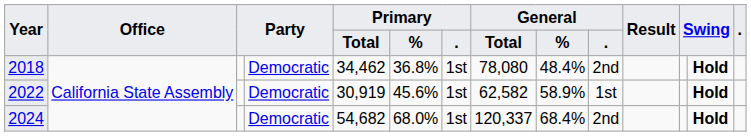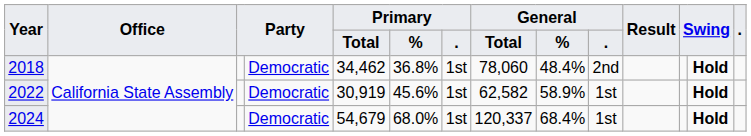 <table class="wikitable" style="font-size:90%; text-align:center;">
 <tr>
 <th style="background-color:#EAECF0;" rowspan=2>Year</th>
 <th style="background-color:#EAECF0;" rowspan=2>Office</th>
 <th style="background-color:#EAECF0;" colspan=2 rowspan=2>Party</th>
 <th style="background-color:#EAECF0;" colspan=3>Primary</th>
 <th style="background-color:#EAECF0;" colspan=3>General</th>
 <th style="background-color:#EAECF0;" rowspan=2>Result</th>
 <th style="background-color:#EAECF0;" colspan=2 rowspan=2><a href='#'>Swing</a></th>
 <th style="background-color:#EAECF0;" rowspan=2>.</th>
 </tr>
 <tr>
 <th style="background-color:#EAECF0;">Total</th>
 <th style="background-color:#EAECF0;">%</th>
 <th style="background-color:#EAECF0;">.</th>
 <th style="background-color:#EAECF0;">Total</th>
 <th style="background-color:#EAECF0;">%</th>
 <th style="background-color:#EAECF0;">.</th>
 </tr>
 <tr>
 <td style="background-color:#EAECF0;"><a href='#'>2018</a></td>
 <td rowspan=3><a href='#'>California State Assembly</a></td>
 <td style="background-color:"></td>
 <td><a href='#'>Democratic</a></td>
 <td>34,462</td>
 <td>36.8%</td>
 <td>1st</td>
-<td>78,080</td>
+<td>78,060</td>
 <td>48.4%</td>
 <td>2nd</td>
 <td></td>
 <td style="background-color:"></td>
 <td><strong>Hold</strong></td>
 <td></td>
 </tr>
 <tr>
 <td style="background-color:#EAECF0;"><a href='#'>2022</a></td>
 <td style="background-color:"></td>
 <td><a href='#'>Democratic</a></td>
 <td>30,919</td>
 <td>45.6%</td>
 <td>1st</td>
 <td>62,582</td>
 <td>58.9%</td>
 <td>1st</td>
 <td></td>
 <td style="background-color:"></td>
 <td><strong>Hold</strong></td>
 <td></td>
 </tr>
 <tr>
 <td style="background-color:#EAECF0;"><a href='#'>2024</a></td>
 <td style="background-color:"></td>
 <td><a href='#'>Democratic</a></td>
-<td>54,682</td>
+<td>54,679</td>
 <td>68.0%</td>
 <td>1st</td>
 <td>120,337</td>
 <td>68.4%</td>
-<td>2nd</td>
+<td>1st</td>
 <td></td>
 <td style="background-color:"></td>
 <td><strong>Hold</strong></td>
 <td></td>
 </tr>
 </table>
